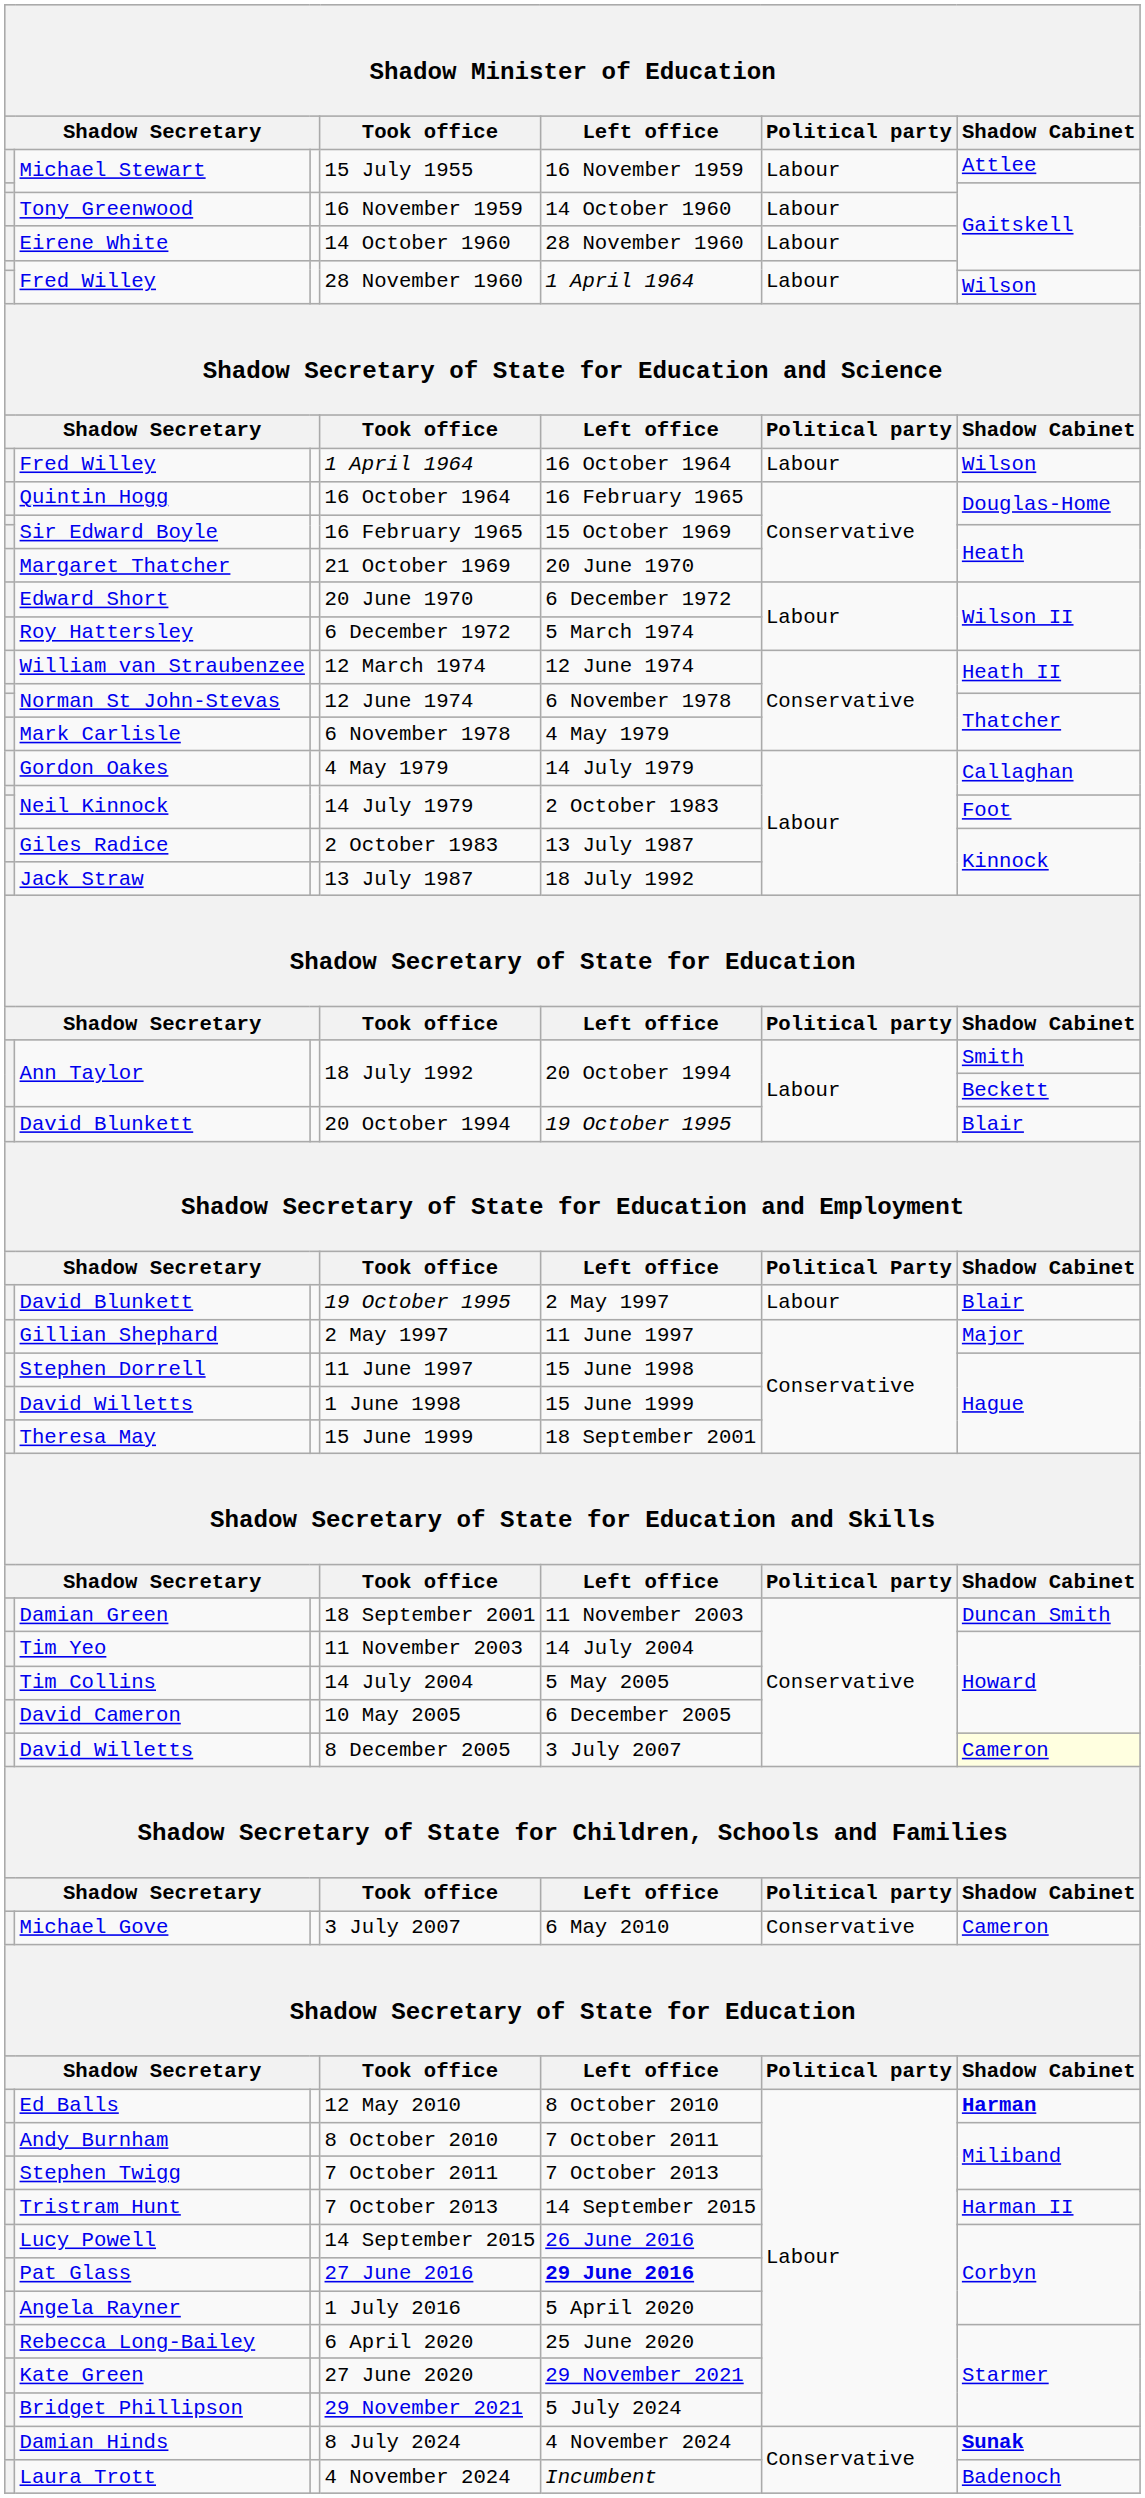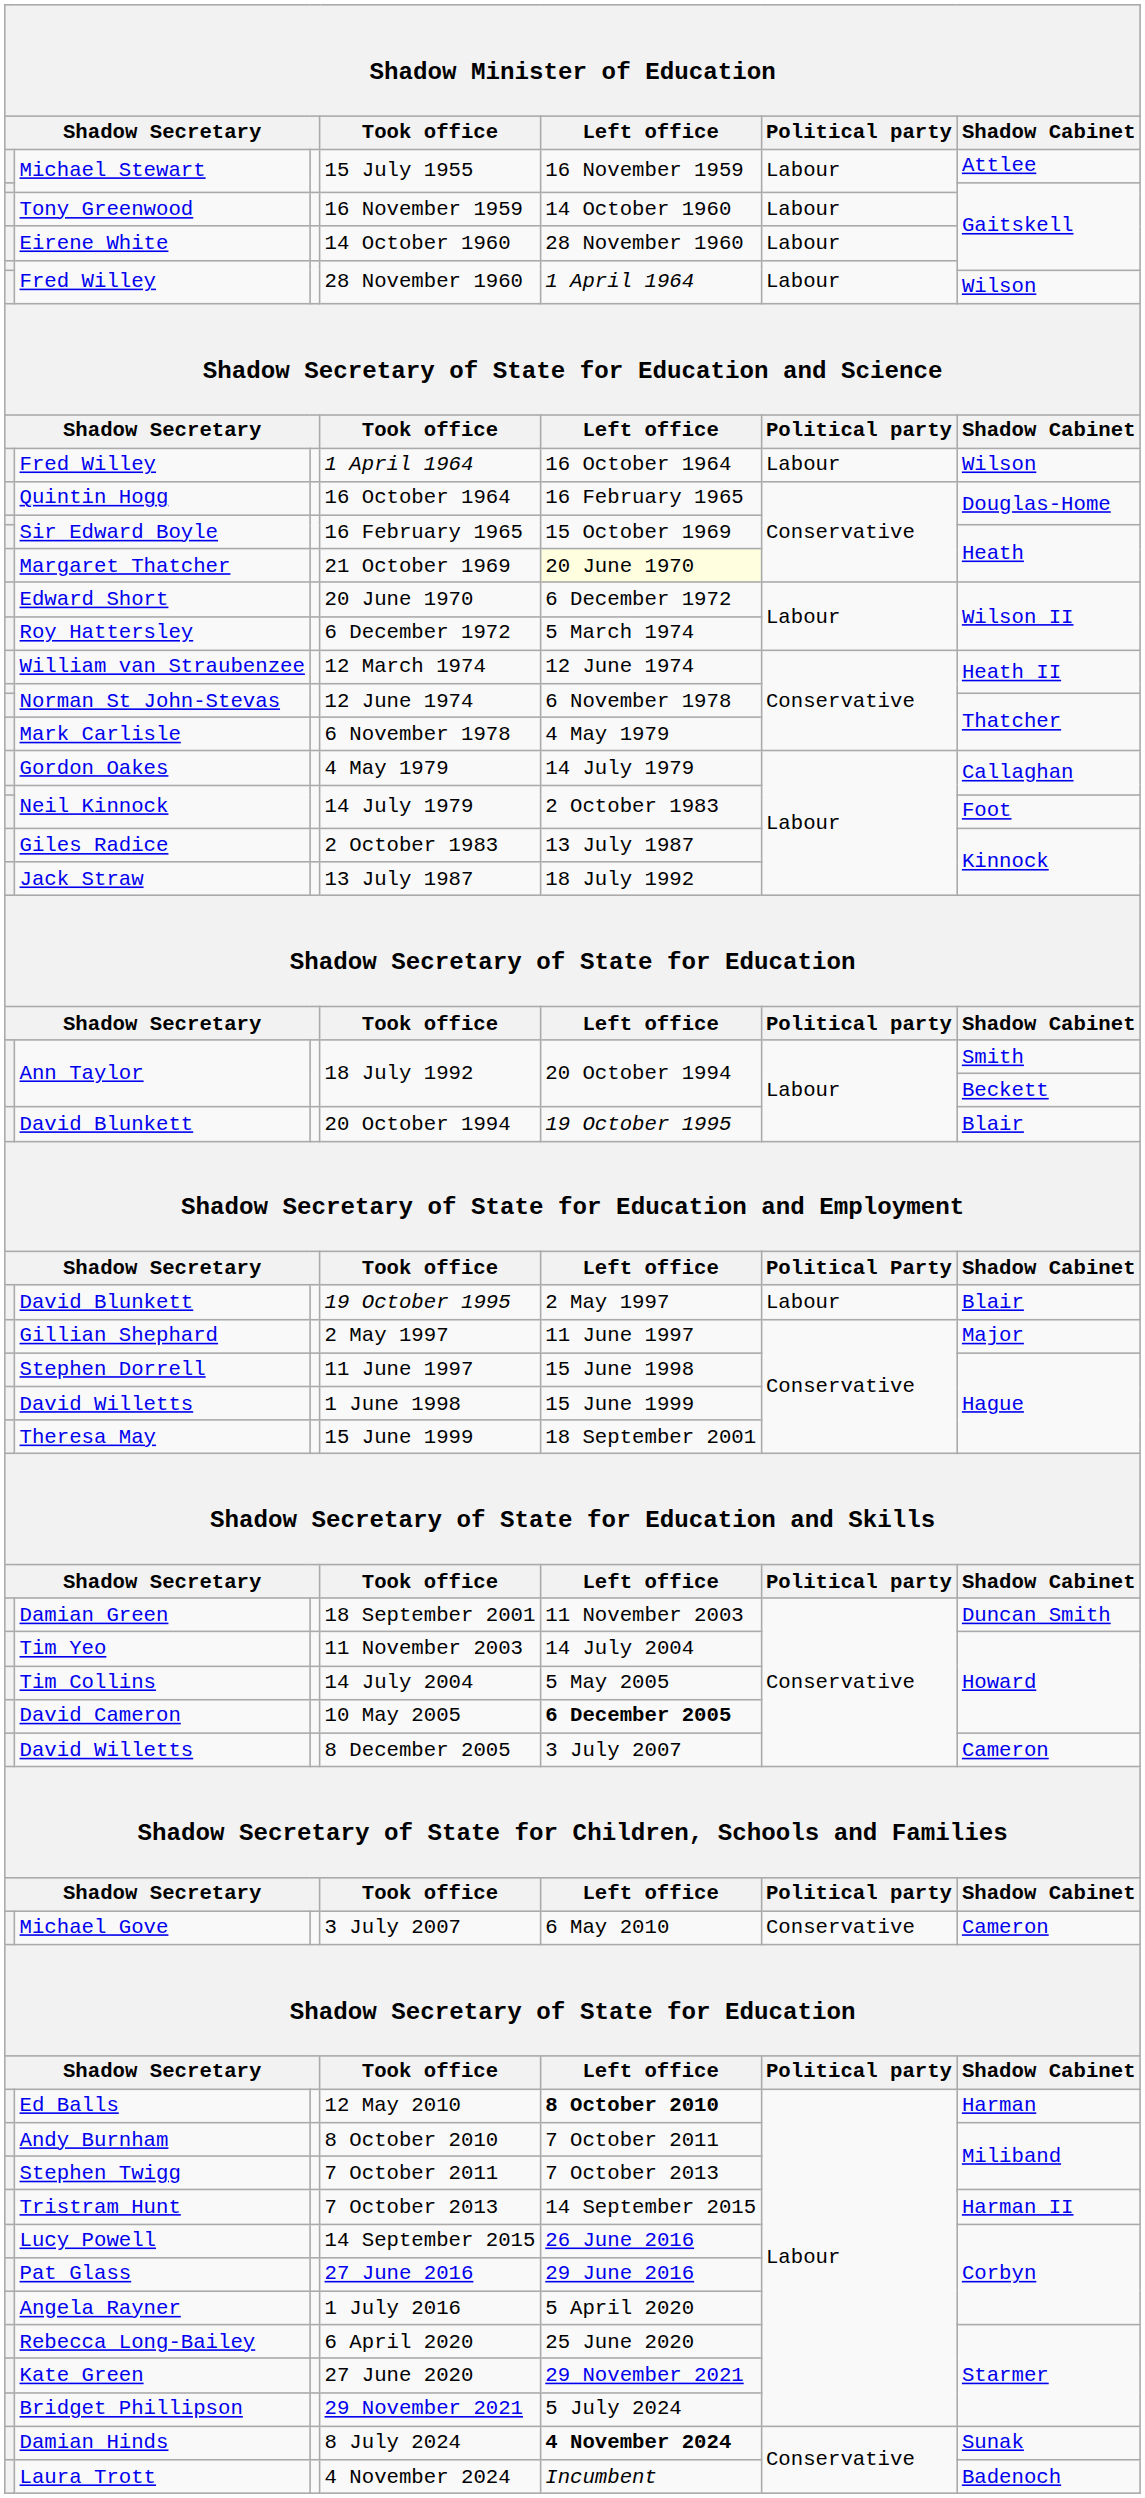 <table class="wikitable">
 <tr>
 <th colspan=7><br><h3>Shadow Minister of Education</h3></th>
 </tr>
 <tr>
 <th colspan=3>Shadow Secretary</th>
 <th>Took office</th>
 <th>Left office</th>
 <th>Political party</th>
 <th>Shadow Cabinet</th>
 </tr>
 <tr>
 <th style="background-color: "></th>
 <td rowspan=2><a href='#'>Michael Stewart</a></td>
 <td rowspan=2></td>
 <td rowspan=2>15 July 1955</td>
 <td rowspan=2>16 November 1959</td>
 <td rowspan=2>Labour</td>
 <td><a href='#'>Attlee</a></td>
 </tr>
 <tr>
 <th style="background-color: "></th>
 <td rowspan=4 ><a href='#'>Gaitskell</a></td>
 </tr>
 <tr>
 <th style="background-color: "></th>
 <td><a href='#'>Tony Greenwood</a></td>
 <td></td>
 <td>16 November 1959</td>
 <td>14 October 1960</td>
 <td>Labour</td>
 </tr>
 <tr>
 <th style="background-color: "></th>
 <td><a href='#'>Eirene White</a></td>
 <td></td>
 <td>14 October 1960</td>
 <td>28 November 1960</td>
 <td>Labour</td>
 </tr>
 <tr>
 <th style="background-color: "></th>
 <td rowspan=2><a href='#'>Fred Willey</a></td>
 <td rowspan=2></td>
 <td rowspan=2>28 November 1960</td>
 <td rowspan=2><em>1 April 1964</em></td>
 <td rowspan=2>Labour</td>
 </tr>
 <tr>
 <th style="background-color: "></th>
 <td><a href='#'>Wilson</a></td>
 </tr>
 <tr>
 <th colspan=7><br><h3>Shadow Secretary of State for Education and Science</h3></th>
 </tr>
 <tr>
 <th colspan=3>Shadow Secretary</th>
 <th>Took office</th>
 <th>Left office</th>
 <th>Political party</th>
 <th>Shadow Cabinet</th>
 </tr>
 <tr>
 <th style="background-color: "></th>
 <td><a href='#'>Fred Willey</a></td>
 <td></td>
 <td><em>1 April 1964</em></td>
 <td>16 October 1964</td>
 <td>Labour</td>
 <td><a href='#'>Wilson</a></td>
 </tr>
 <tr>
 <th style="background-color: "></th>
 <td><a href='#'>Quintin Hogg</a></td>
 <td></td>
 <td>16 October 1964</td>
 <td>16 February 1965</td>
 <td rowspan=4>Conservative</td>
 <td rowspan=2 ><a href='#'>Douglas-Home</a></td>
 </tr>
 <tr>
 <th style="background-color: "></th>
 <td rowspan=2><a href='#'>Sir Edward Boyle</a></td>
 <td rowspan=2></td>
 <td rowspan=2>16 February 1965</td>
 <td rowspan=2>15 October 1969</td>
 </tr>
 <tr>
 <th style="background-color: "></th>
 <td rowspan=2 ><a href='#'>Heath</a></td>
 </tr>
 <tr>
 <th style="background-color: "></th>
 <td><a href='#'>Margaret Thatcher</a></td>
 <td></td>
 <td>21 October 1969</td>
-<td>20 June 1970</td>
+<td style="background: lightyellow;">20 June 1970</td>
 </tr>
 <tr>
 <th style="background-color: "></th>
 <td><a href='#'>Edward Short</a></td>
 <td></td>
 <td>20 June 1970</td>
 <td>6 December 1972</td>
 <td rowspan=2>Labour</td>
 <td rowspan=2 ><a href='#'>Wilson II</a></td>
 </tr>
 <tr>
 <th style="background-color: "></th>
 <td><a href='#'>Roy Hattersley</a></td>
 <td></td>
 <td>6 December 1972</td>
 <td>5 March 1974</td>
 </tr>
 <tr>
 <th style="background-color: "></th>
 <td><a href='#'>William van Straubenzee</a></td>
 <td></td>
 <td>12 March 1974</td>
 <td>12 June 1974</td>
 <td rowspan=4>Conservative</td>
 <td rowspan=2 ><a href='#'>Heath II</a></td>
 </tr>
 <tr>
 <th style="background-color: "></th>
 <td rowspan=2><a href='#'>Norman St John-Stevas</a></td>
 <td rowspan=2></td>
 <td rowspan=2>12 June 1974</td>
 <td rowspan=2>6 November 1978</td>
 </tr>
 <tr>
 <th style="background-color: "></th>
 <td rowspan=2 ><a href='#'>Thatcher</a></td>
 </tr>
 <tr>
 <th style="background-color: "></th>
 <td><a href='#'>Mark Carlisle</a></td>
 <td></td>
 <td>6 November 1978</td>
 <td>4 May 1979</td>
 </tr>
 <tr>
 <th style="background-color: "></th>
 <td><a href='#'>Gordon Oakes</a></td>
 <td></td>
 <td>4 May 1979</td>
 <td>14 July 1979</td>
 <td rowspan="5">Labour</td>
 <td rowspan=2 ><a href='#'>Callaghan</a></td>
 </tr>
 <tr>
 <th style="background-color: "></th>
 <td rowspan=2><a href='#'>Neil Kinnock</a></td>
 <td rowspan=2></td>
 <td rowspan=2>14 July 1979</td>
 <td rowspan=2>2 October 1983</td>
 </tr>
 <tr>
 <th style="background-color: "></th>
 <td><a href='#'>Foot</a></td>
 </tr>
 <tr>
 <th style="background-color: "></th>
 <td><a href='#'>Giles Radice</a></td>
 <td></td>
 <td>2 October 1983</td>
 <td>13 July 1987</td>
 <td rowspan=2 ><a href='#'>Kinnock</a></td>
 </tr>
 <tr>
 <th style="background-color: "></th>
 <td><a href='#'>Jack Straw</a></td>
 <td></td>
 <td>13 July 1987</td>
 <td>18 July 1992</td>
 </tr>
 <tr>
 <th colspan=7><br><h3>Shadow Secretary of State for Education</h3></th>
 </tr>
 <tr>
 <th colspan=3>Shadow Secretary</th>
 <th>Took office</th>
 <th>Left office</th>
 <th>Political party</th>
 <th>Shadow Cabinet</th>
 </tr>
 <tr>
 <th rowspan=2 style="background-color: "></th>
 <td rowspan=2><a href='#'>Ann Taylor</a></td>
 <td rowspan=2></td>
 <td rowspan=2>18 July 1992</td>
 <td rowspan=2>20 October 1994</td>
 <td rowspan="3">Labour</td>
 <td><a href='#'>Smith</a></td>
 </tr>
 <tr>
 <td><a href='#'>Beckett</a></td>
 </tr>
 <tr>
 <th style="background-color: "></th>
 <td><a href='#'>David Blunkett</a></td>
 <td></td>
 <td>20 October 1994</td>
 <td><em>19 October 1995</em></td>
 <td><a href='#'>Blair</a></td>
 </tr>
 <tr>
 <th colspan=7><br><h3>Shadow Secretary of State for Education and Employment</h3></th>
 </tr>
 <tr>
 <th colspan=3>Shadow Secretary</th>
 <th>Took office</th>
 <th>Left office</th>
 <th>Political Party</th>
 <th>Shadow Cabinet</th>
 </tr>
 <tr>
 <th style="background-color: "></th>
 <td><a href='#'>David Blunkett</a></td>
 <td></td>
 <td><em>19 October 1995</em></td>
 <td>2 May 1997</td>
 <td>Labour</td>
 <td><a href='#'>Blair</a></td>
 </tr>
 <tr>
 <th style="background-color: "></th>
 <td><a href='#'>Gillian Shephard</a></td>
 <td></td>
 <td>2 May 1997</td>
 <td>11 June 1997</td>
 <td rowspan="4">Conservative</td>
 <td><a href='#'>Major</a></td>
 </tr>
 <tr>
 <th style="background-color: "></th>
 <td><a href='#'>Stephen Dorrell</a></td>
 <td></td>
 <td>11 June 1997</td>
 <td>15 June 1998</td>
 <td rowspan=3 ><a href='#'>Hague</a></td>
 </tr>
 <tr>
 <th style="background-color: "></th>
 <td><a href='#'>David Willetts</a></td>
 <td></td>
 <td>1 June 1998</td>
 <td>15 June 1999</td>
 </tr>
 <tr>
 <th style="background-color: "></th>
 <td><a href='#'>Theresa May</a></td>
 <td></td>
 <td>15 June 1999</td>
 <td>18 September 2001</td>
 </tr>
 <tr>
 <th colspan=7><br><h3>Shadow Secretary of State for Education and Skills</h3></th>
 </tr>
 <tr>
 <th colspan=3>Shadow Secretary</th>
 <th>Took office</th>
 <th>Left office</th>
 <th>Political party</th>
 <th>Shadow Cabinet</th>
 </tr>
 <tr>
 <th style="background-color: "></th>
 <td><a href='#'>Damian Green</a></td>
 <td></td>
 <td>18 September 2001</td>
 <td>11 November 2003</td>
 <td rowspan="5">Conservative</td>
 <td><a href='#'>Duncan Smith</a></td>
 </tr>
 <tr>
 <th style="background-color: "></th>
 <td><a href='#'>Tim Yeo</a></td>
 <td></td>
 <td>11 November 2003</td>
 <td>14 July 2004</td>
 <td rowspan=3 ><a href='#'>Howard</a></td>
 </tr>
 <tr>
 <th style="background-color: "></th>
 <td><a href='#'>Tim Collins</a></td>
 <td></td>
 <td>14 July 2004</td>
 <td>5 May 2005</td>
 </tr>
 <tr>
 <th style="background-color: "></th>
 <td><a href='#'>David Cameron</a></td>
 <td></td>
 <td>10 May 2005</td>
-<td>6 December 2005</td>
+<td><strong>6 December 2005</strong></td>
 </tr>
 <tr>
 <th style="background-color: "></th>
 <td><a href='#'>David Willetts</a></td>
 <td></td>
 <td>8 December 2005</td>
 <td>3 July 2007</td>
-<td style="background: lightyellow;"><a href='#'>Cameron</a></td>
+<td><a href='#'>Cameron</a></td>
 </tr>
 <tr>
 <th colspan=7><br><h3>Shadow Secretary of State for Children, Schools and Families</h3></th>
 </tr>
 <tr>
 <th colspan=3>Shadow Secretary</th>
 <th>Took office</th>
 <th>Left office</th>
 <th>Political party</th>
 <th>Shadow Cabinet</th>
 </tr>
 <tr>
 <th style="background-color: "></th>
 <td><a href='#'>Michael Gove</a></td>
 <td></td>
 <td>3 July 2007</td>
 <td>6 May 2010</td>
 <td>Conservative</td>
 <td><a href='#'>Cameron</a></td>
 </tr>
 <tr>
 <th colspan=7><br><h3>Shadow Secretary of State for Education</h3></th>
 </tr>
 <tr>
 <th colspan=3>Shadow Secretary</th>
 <th>Took office</th>
 <th>Left office</th>
 <th>Political party</th>
 <th>Shadow Cabinet</th>
 </tr>
 <tr>
 <th style="background-color: "></th>
 <td><a href='#'>Ed Balls</a></td>
 <td></td>
 <td>12 May 2010</td>
-<td>8 October 2010</td>
+<td><strong>8 October 2010</strong></td>
 <td rowspan="11">Labour</td>
-<td><strong><a href='#'>Harman</a></strong></td>
+<td><a href='#'>Harman</a></td>
 </tr>
 <tr>
 <th style="background-color: "></th>
 <td><a href='#'>Andy Burnham</a></td>
 <td></td>
 <td>8 October 2010</td>
 <td>7 October 2011</td>
 <td rowspan=3 ><a href='#'>Miliband</a></td>
 </tr>
 <tr>
 <th style="background-color: "></th>
 <td><a href='#'>Stephen Twigg</a></td>
 <td></td>
 <td>7 October 2011</td>
 <td>7 October 2013</td>
 </tr>
 <tr>
 <th rowspan=2 style="background-color: "></th>
 <td rowspan=2><a href='#'>Tristram Hunt</a></td>
 <td rowspan=2></td>
 <td rowspan=2>7 October 2013</td>
 <td rowspan=2>14 September 2015</td>
 </tr>
 <tr>
 <td><a href='#'>Harman II</a></td>
 </tr>
 <tr>
 <th style="background-color: "></th>
 <td><a href='#'>Lucy Powell</a></td>
 <td></td>
 <td>14 September 2015</td>
 <td><a href='#'>26 June 2016</a></td>
 <td rowspan=3 ><a href='#'>Corbyn</a></td>
 </tr>
 <tr>
 <th style="background-color: "></th>
 <td><a href='#'>Pat Glass</a></td>
 <td></td>
 <td><a href='#'>27 June 2016</a></td>
-<td><strong><a href='#'>29 June 2016</a></strong></td>
+<td><a href='#'>29 June 2016</a></td>
 </tr>
 <tr>
 <th style="background-color: "></th>
 <td><a href='#'>Angela Rayner</a></td>
 <td></td>
 <td>1 July 2016</td>
 <td>5 April 2020</td>
 </tr>
 <tr>
 <th style="background-color: "></th>
 <td><a href='#'>Rebecca Long-Bailey</a></td>
 <td></td>
 <td>6 April 2020</td>
 <td>25 June 2020</td>
 <td rowspan="3" ><a href='#'>Starmer</a></td>
 </tr>
 <tr>
 <th style="background-color: "></th>
 <td><a href='#'>Kate Green</a></td>
 <td></td>
 <td>27 June 2020</td>
 <td><a href='#'>29 November 2021</a></td>
 </tr>
 <tr>
 <th style="background-color: "></th>
 <td><a href='#'>Bridget Phillipson</a></td>
 <td></td>
 <td><a href='#'>29 November 2021</a></td>
 <td>5 July 2024</td>
 </tr>
 <tr>
 <th style="background-color: "></th>
 <td><a href='#'>Damian Hinds</a></td>
 <td></td>
 <td>8 July 2024</td>
-<td>4 November 2024</td>
+<td><strong>4 November 2024</strong></td>
 <td rowspan="2">Conservative</td>
-<td><strong><a href='#'>Sunak</a></strong></td>
+<td><a href='#'>Sunak</a></td>
 </tr>
 <tr>
 <th style="background-color: "></th>
 <td><a href='#'>Laura Trott</a></td>
 <td></td>
 <td>4 November 2024</td>
 <td><em>Incumbent</em></td>
 <td><a href='#'>Badenoch</a></td>
 </tr>
 </table>
